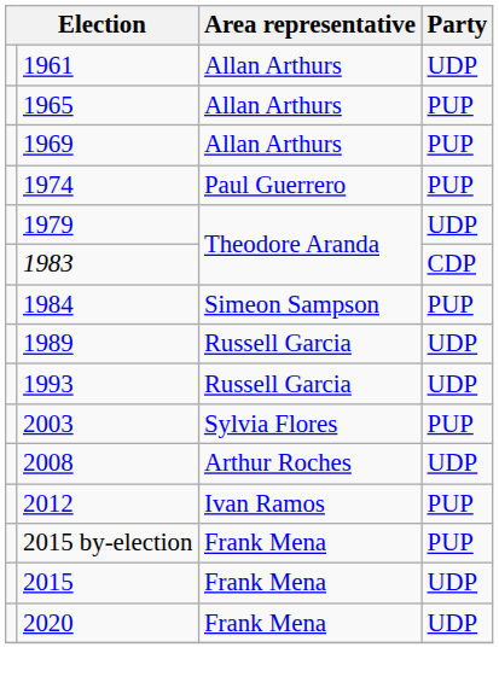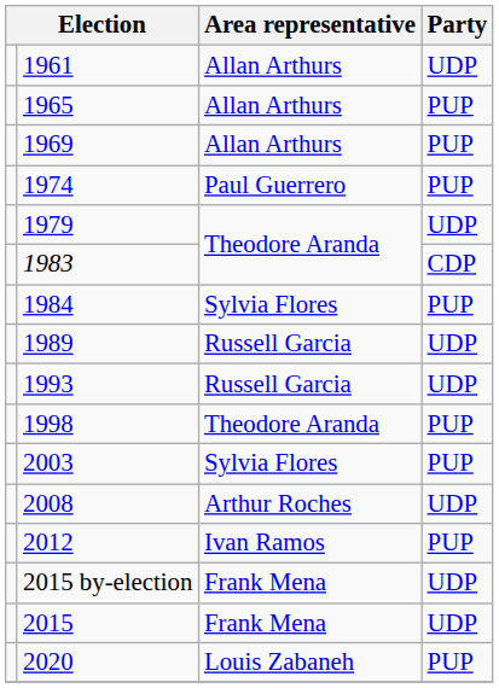 <table class="wikitable">
 <tr>
 <th colspan="2">Election</th>
 <th>Area representative</th>
 <th>Party</th>
 </tr>
 <tr>
 <td style="background-color: "></td>
 <td><a href='#'>1961</a></td>
 <td><a href='#'>Allan Arthurs</a></td>
 <td><a href='#'>UDP</a></td>
 </tr>
 <tr>
 <td style="background-color: "></td>
 <td><a href='#'>1965</a></td>
 <td><a href='#'>Allan Arthurs</a></td>
 <td><a href='#'>PUP</a></td>
 </tr>
 <tr>
 <td style="background-color: "></td>
 <td><a href='#'>1969</a></td>
 <td><a href='#'>Allan Arthurs</a></td>
 <td><a href='#'>PUP</a></td>
 </tr>
 <tr>
 <td style="background-color: "></td>
 <td><a href='#'>1974</a></td>
 <td><a href='#'>Paul Guerrero</a></td>
 <td><a href='#'>PUP</a></td>
 </tr>
 <tr>
 <td style="background-color: "></td>
 <td><a href='#'>1979</a></td>
 <td rowspan="2"><a href='#'>Theodore Aranda</a></td>
 <td><a href='#'>UDP</a></td>
 </tr>
 <tr>
 <td style="background-color: "></td>
 <td><em>1983</em></td>
 <td><a href='#'>CDP</a></td>
 </tr>
 <tr>
 <td style="background-color: "></td>
 <td><a href='#'>1984</a></td>
-<td><a href='#'>Simeon Sampson</a></td>
+<td><a href='#'>Sylvia Flores</a></td>
 <td><a href='#'>PUP</a></td>
 </tr>
 <tr>
 <td style="background-color: "></td>
 <td><a href='#'>1989</a></td>
 <td><a href='#'>Russell Garcia</a></td>
 <td><a href='#'>UDP</a></td>
 </tr>
 <tr>
 <td style="background-color: "></td>
 <td><a href='#'>1993</a></td>
 <td><a href='#'>Russell Garcia</a></td>
 <td><a href='#'>UDP</a></td>
+</tr>
+<tr>
+<td style="background-color: "></td>
+<td><a href='#'>1998</a></td>
+<td><a href='#'>Theodore Aranda</a></td>
+<td><a href='#'>PUP</a></td>
 </tr>
 <tr>
 <td style="background-color: "></td>
 <td><a href='#'>2003</a></td>
 <td><a href='#'>Sylvia Flores</a></td>
 <td><a href='#'>PUP</a></td>
 </tr>
 <tr>
 <td style="background-color: "></td>
 <td><a href='#'>2008</a></td>
 <td><a href='#'>Arthur Roches</a></td>
 <td><a href='#'>UDP</a></td>
 </tr>
 <tr>
 <td style="background-color: "></td>
 <td><a href='#'>2012</a></td>
 <td><a href='#'>Ivan Ramos</a></td>
 <td><a href='#'>PUP</a></td>
 </tr>
 <tr>
 <td style="background-color: "></td>
 <td>2015 by-election</td>
 <td><a href='#'>Frank Mena</a></td>
-<td><a href='#'>PUP</a></td>
+<td><a href='#'>UDP</a></td>
 </tr>
 <tr>
 <td style="background-color: "></td>
 <td><a href='#'>2015</a></td>
 <td><a href='#'>Frank Mena</a></td>
 <td><a href='#'>UDP</a></td>
 </tr>
 <tr>
 <td style="background-color: "></td>
 <td><a href='#'>2020</a></td>
-<td><a href='#'>Frank Mena</a></td>
-<td><a href='#'>UDP</a></td>
+<td><a href='#'>Louis Zabaneh</a></td>
+<td><a href='#'>PUP</a></td>
 </tr>
 <tr>
 </tr>
 </table>
